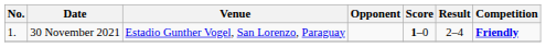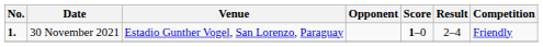 <table class="wikitable">
 <tr>
 <th>No.</th>
 <th>Date</th>
 <th>Venue</th>
 <th>Opponent</th>
 <th>Score</th>
 <th>Result</th>
 <th>Competition</th>
 </tr>
 <tr>
-<td>1.</td>
+<td><strong>1.</strong></td>
 <td>30 November 2021</td>
 <td><a href='#'>Estadio Gunther Vogel</a>, <a href='#'>San Lorenzo</a>, <a href='#'>Paraguay</a></td>
 <td></td>
 <td align=center><strong>1</strong>–0</td>
 <td align=center>2–4</td>
-<td><strong><a href='#'>Friendly</a></strong></td>
+<td><a href='#'>Friendly</a></td>
 </tr>
 <tr>
 </tr>
 </table>
